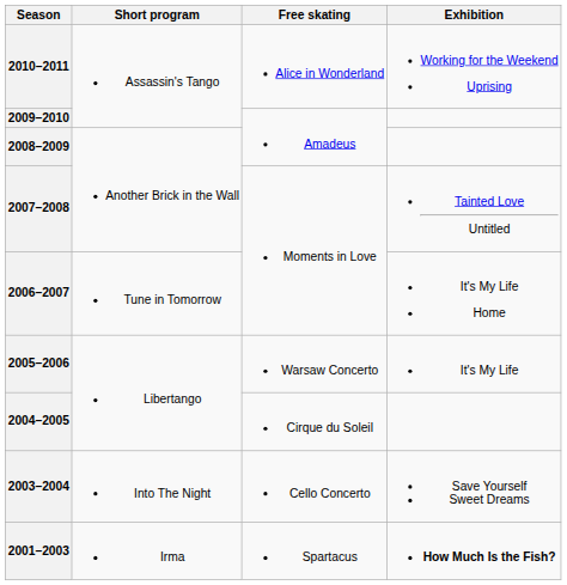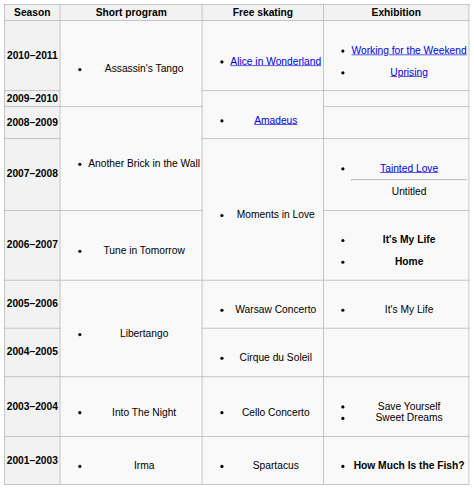 <table class="wikitable" style="text-align:center">
 <tr>
 <th>Season</th>
 <th>Short program</th>
 <th>Free skating</th>
 <th>Exhibition</th>
 </tr>
 <tr>
 <th>2010–2011 <br></th>
 <td rowspan="2"><br><ul><li>Assassin's Tango  <br> </li></ul></td>
 <td><br><ul><li><a href='#'>Alice in Wonderland</a> <br></li></ul></td>
 <td><br><ul><li><a href='#'>Working for the Weekend</a> <br></li></ul><ul><li><a href='#'>Uprising</a> <br></li></ul></td>
 </tr>
 <tr>
 <th>2009–2010 <br></th>
 <td rowspan="2"><br><ul><li><a href='#'>Amadeus</a> <br></li></ul></td>
 <td></td>
 </tr>
 <tr>
 <th>2008–2009 <br></th>
 <td rowspan="2"><br><ul><li>Another Brick in the Wall <br> </li></ul></td>
 <td></td>
 </tr>
 <tr>
 <th>2007–2008 <br></th>
 <td rowspan=2><br><ul><li>Moments in Love <br></li></ul></td>
 <td><br><ul><li><a href='#'>Tainted Love</a> <hr> Untitled<br></li></ul></td>
 </tr>
 <tr>
 <th>2006–2007 <br></th>
 <td><br><ul><li>Tune in Tomorrow <br></li></ul></td>
-<td><br><ul><li>It's My Life  <br></li></ul><ul><li>Home <br></li></ul></td>
+<td><strong><br><ul><li>It's My Life  <br></li></ul><ul><li>Home <br></li></ul></strong></td>
 </tr>
 <tr>
 <th>2005–2006 <br></th>
 <td rowspan="2"><br><ul><li>Libertango</li></ul></td>
 <td><br><ul><li>Warsaw Concerto</li></ul></td>
 <td><br><ul><li>It's My Life  <br></li></ul></td>
 </tr>
 <tr>
 <th>2004–2005 <br></th>
 <td><br><ul><li>Cirque du Soleil</li></ul></td>
 <td></td>
 </tr>
 <tr>
 <th>2003–2004 <br></th>
 <td><br><ul><li>Into The Night</li></ul></td>
 <td><br><ul><li>Cello Concerto</li></ul></td>
 <td><br><ul><li>Save Yourself</li><li>Sweet Dreams</li></ul></td>
 </tr>
 <tr>
 <th>2001–2003 <br></th>
 <td><br><ul><li>Irma <br></li></ul></td>
 <td><br><ul><li>Spartacus</li></ul></td>
 <td><strong><br><ul><li>How Much Is the Fish?</li></ul></strong></td>
 </tr>
 </table>
